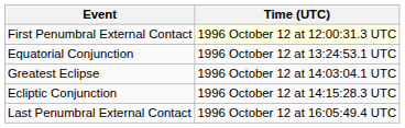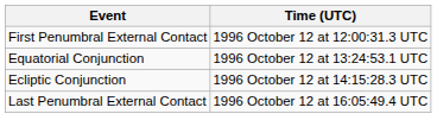 <table class="wikitable">
 <tr>
 <th>Event</th>
 <th>Time (UTC)</th>
 </tr>
 <tr>
 <td>First Penumbral External Contact</td>
-<td style="background: lightyellow;">1996 October 12 at 12:00:31.3 UTC</td>
+<td>1996 October 12 at 12:00:31.3 UTC</td>
 </tr>
 <tr>
 <td>Equatorial Conjunction</td>
 <td>1996 October 12 at 13:24:53.1 UTC</td>
-</tr>
-<tr>
-<td>Greatest Eclipse</td>
-<td>1996 October 12 at 14:03:04.1 UTC</td>
 </tr>
 <tr>
 <td>Ecliptic Conjunction</td>
 <td>1996 October 12 at 14:15:28.3 UTC</td>
 </tr>
 <tr>
 <td>Last Penumbral External Contact</td>
 <td>1996 October 12 at 16:05:49.4 UTC</td>
 </tr>
 </table>
